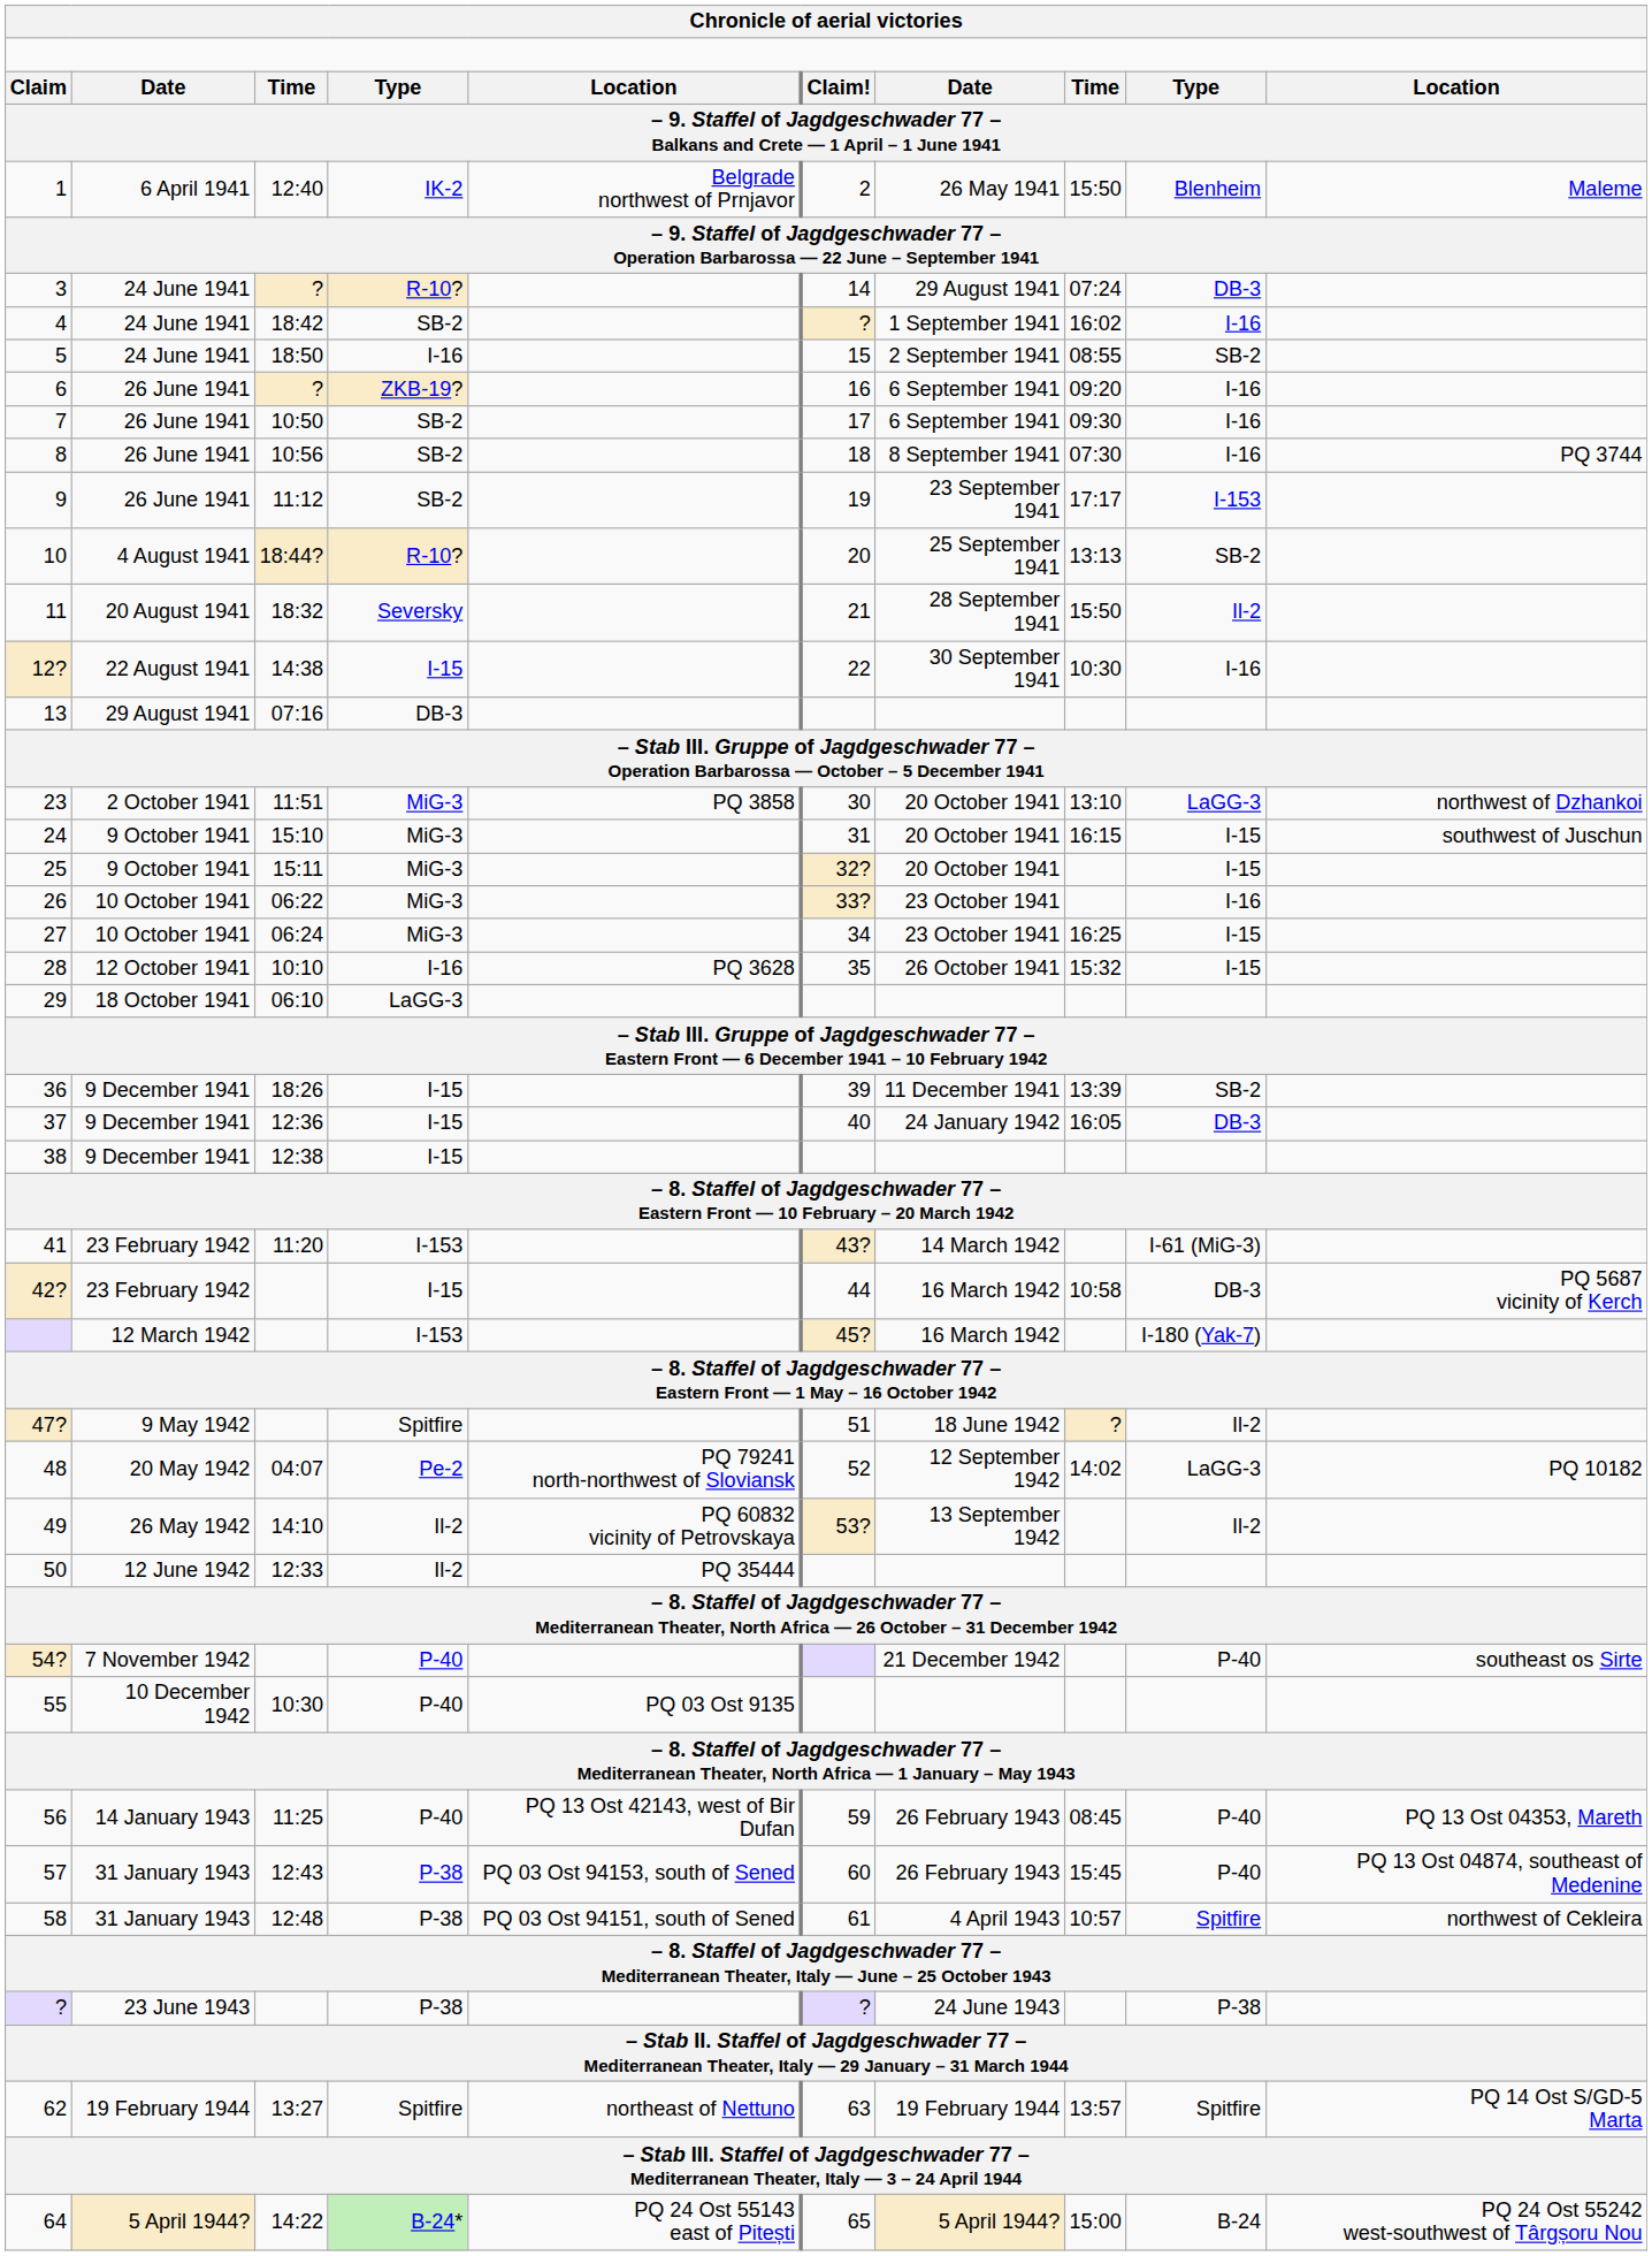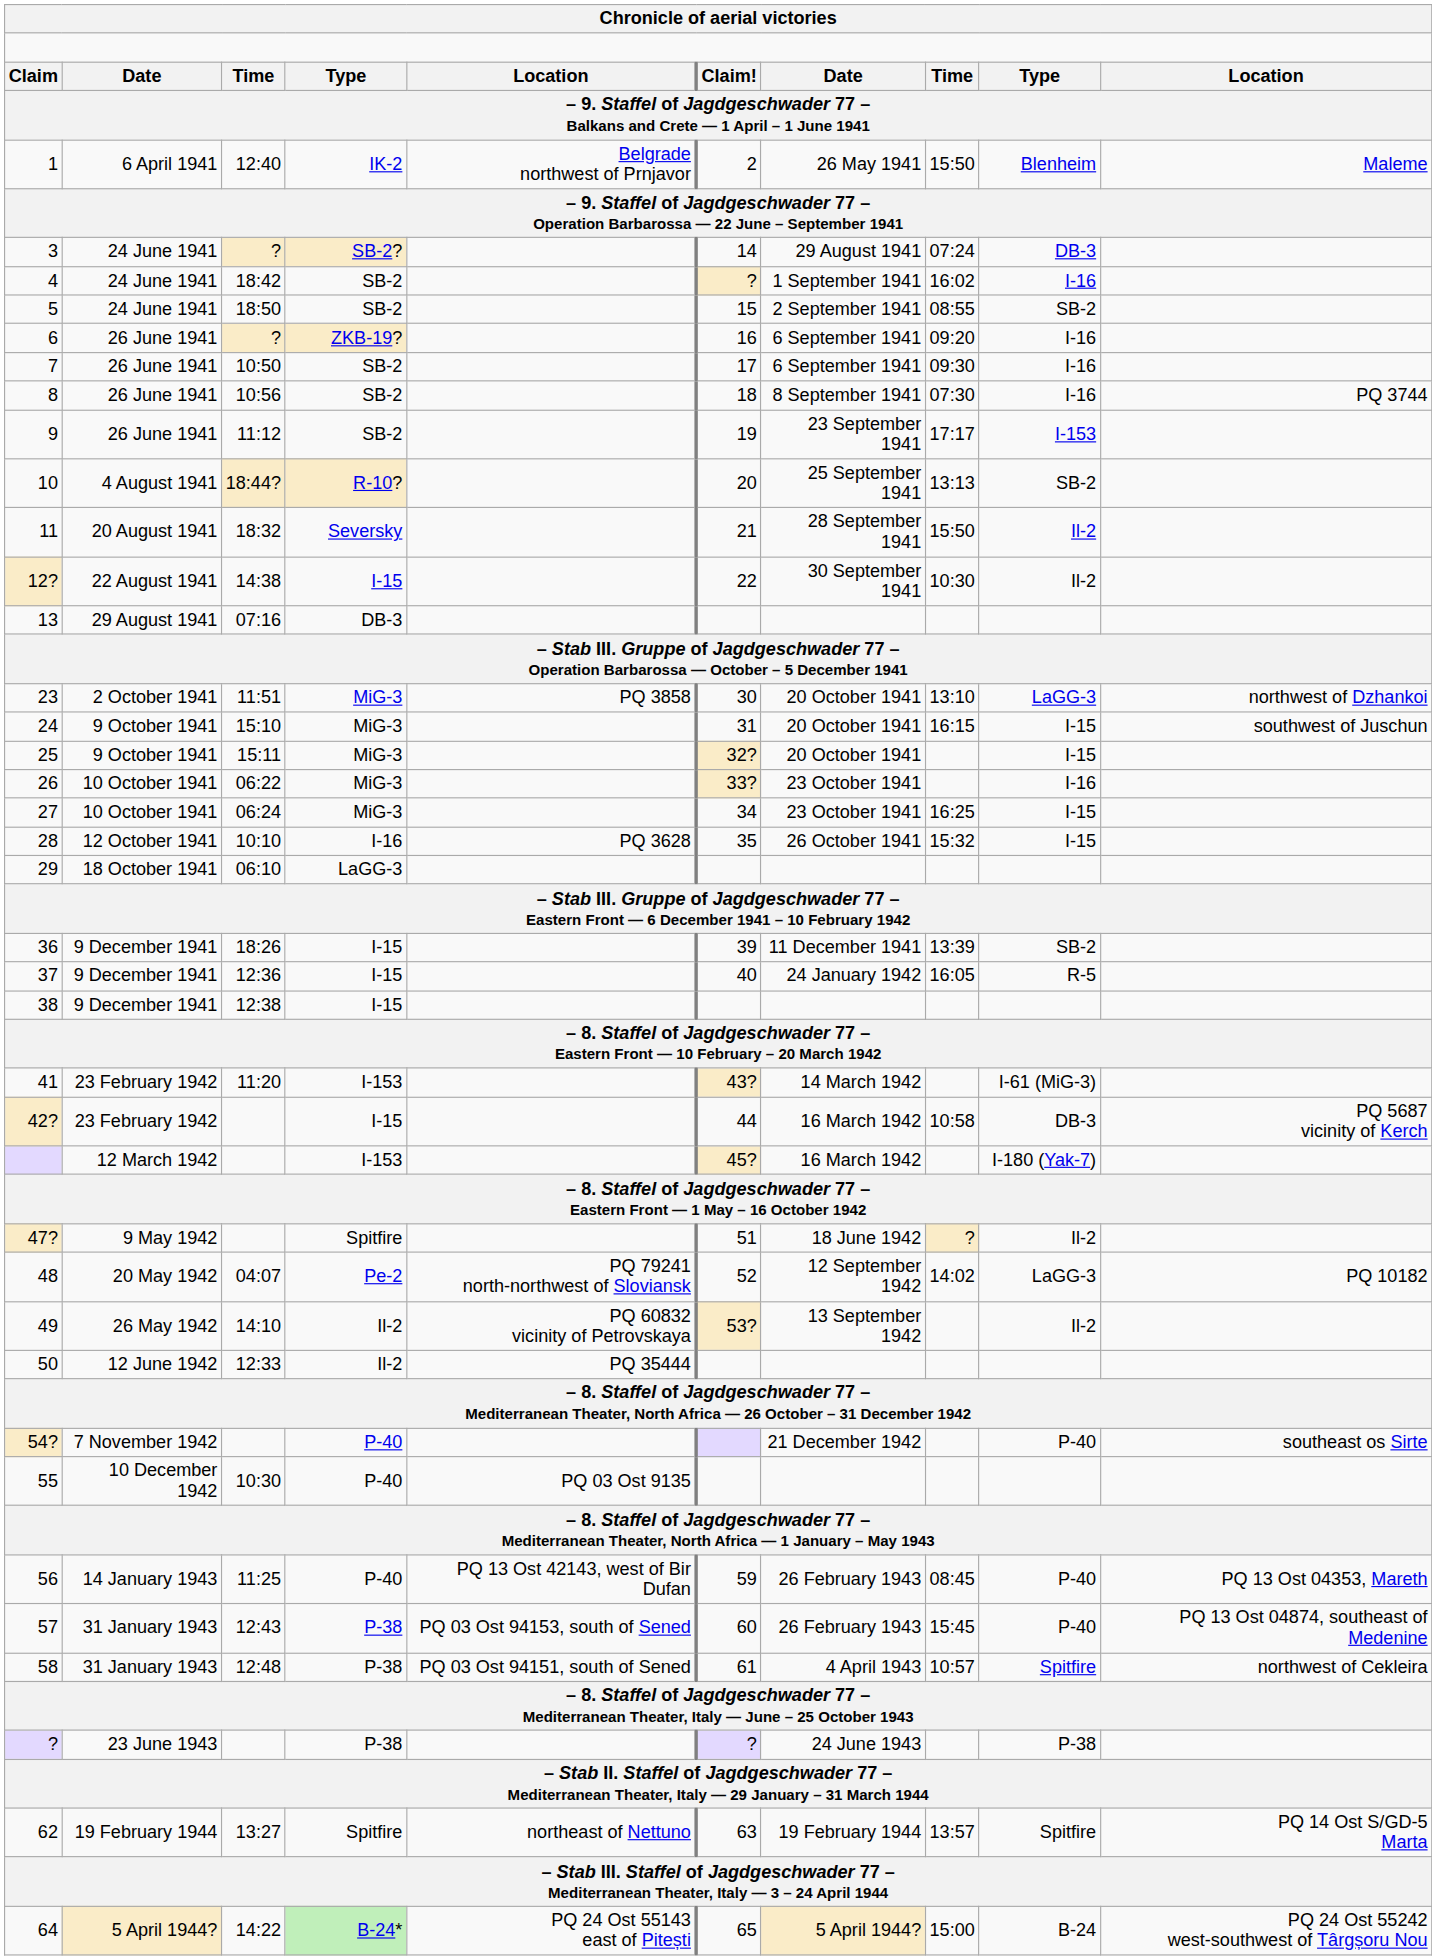 <table class="wikitable plainrowheaders collapsible" style="margin-left: auto; margin-right: auto; border: none; text-align:right; width: 100%;">
 <tr>
 <th colspan="10">Chronicle of aerial victories</th>
 </tr>
 <tr>
 <td colspan="10" style="text-align: left;"><br>  </td>
 </tr>
 <tr>
 <th scope="col">Claim</th>
 <th scope="col">Date</th>
 <th scope="col">Time</th>
 <th scope="col" width="100px">Type</th>
 <th scope="col">Location</th>
 <th scope="col" style="border-left: 3px solid grey;">Claim!</th>
 <th scope="col">Date</th>
 <th scope="col">Time</th>
 <th scope="col" width="100px">Type</th>
 <th scope="col">Location</th>
 </tr>
 <tr>
 <th colspan="10">– 9. <em>Staffel</em> of <em>Jagdgeschwader</em> 77 –<br><small>Balkans and Crete — 1 April – 1 June 1941</small></th>
 </tr>
 <tr>
 <td>1</td>
 <td>6 April 1941</td>
 <td>12:40</td>
 <td><a href='#'>IK-2</a></td>
 <td><a href='#'>Belgrade</a><br>northwest of Prnjavor</td>
 <td style="border-left: 3px solid grey;">2</td>
 <td>26 May 1941</td>
 <td>15:50</td>
 <td><a href='#'>Blenheim</a></td>
 <td><a href='#'>Maleme</a></td>
 </tr>
 <tr>
 <th colspan="12">– 9. <em>Staffel</em> of <em>Jagdgeschwader</em> 77 –<br><small>Operation Barbarossa — 22 June – September 1941</small></th>
 </tr>
 <tr>
 <td>3</td>
 <td>24 June 1941</td>
 <td style="background:#faecc8">?</td>
-<td style="background:#faecc8"><a href='#'>R-10</a>?</td>
+<td style="background:#faecc8"><a href='#'>SB-2</a>?</td>
 <td></td>
 <td style="border-left: 3px solid grey;">14</td>
 <td>29 August 1941</td>
 <td>07:24</td>
 <td><a href='#'>DB-3</a></td>
 <td></td>
 </tr>
 <tr>
 <td>4</td>
 <td>24 June 1941</td>
 <td>18:42</td>
 <td>SB-2</td>
 <td></td>
 <td style="border-left: 3px solid grey; background:#faecc8">?</td>
 <td>1 September 1941</td>
 <td>16:02</td>
 <td><a href='#'>I-16</a></td>
 <td></td>
 </tr>
 <tr>
 <td>5</td>
 <td>24 June 1941</td>
 <td>18:50</td>
-<td>I-16</td>
+<td>SB-2</td>
 <td></td>
 <td style="border-left: 3px solid grey;">15</td>
 <td>2 September 1941</td>
 <td>08:55</td>
 <td>SB-2</td>
 <td></td>
 </tr>
 <tr>
 <td>6</td>
 <td>26 June 1941</td>
 <td style="background:#faecc8">?</td>
 <td style="background:#faecc8"><a href='#'>ZKB-19</a>?</td>
 <td></td>
 <td style="border-left: 3px solid grey;">16</td>
 <td>6 September 1941</td>
 <td>09:20</td>
 <td>I-16</td>
 <td></td>
 </tr>
 <tr>
 <td>7</td>
 <td>26 June 1941</td>
 <td>10:50</td>
 <td>SB-2</td>
 <td></td>
 <td style="border-left: 3px solid grey;">17</td>
 <td>6 September 1941</td>
 <td>09:30</td>
 <td>I-16</td>
 <td></td>
 </tr>
 <tr>
 <td>8</td>
 <td>26 June 1941</td>
 <td>10:56</td>
 <td>SB-2</td>
 <td></td>
 <td style="border-left: 3px solid grey;">18</td>
 <td>8 September 1941</td>
 <td>07:30</td>
 <td>I-16</td>
 <td>PQ 3744</td>
 </tr>
 <tr>
 <td>9</td>
 <td>26 June 1941</td>
 <td>11:12</td>
 <td>SB-2</td>
 <td></td>
 <td style="border-left: 3px solid grey;">19</td>
 <td>23 September 1941</td>
 <td>17:17</td>
 <td><a href='#'>I-153</a></td>
 <td></td>
 </tr>
 <tr>
 <td>10</td>
 <td>4 August 1941</td>
 <td style="background:#faecc8">18:44?</td>
 <td style="background:#faecc8"><a href='#'>R-10</a>?</td>
 <td></td>
 <td style="border-left: 3px solid grey;">20</td>
 <td>25 September 1941</td>
 <td>13:13</td>
 <td>SB-2</td>
 <td></td>
 </tr>
 <tr>
 <td>11</td>
 <td>20 August 1941</td>
 <td>18:32</td>
 <td><a href='#'>Seversky</a></td>
 <td></td>
 <td style="border-left: 3px solid grey;">21</td>
 <td>28 September 1941</td>
 <td>15:50</td>
 <td><a href='#'>Il-2</a></td>
 <td></td>
 </tr>
 <tr>
 <td style="background:#faecc8">12?</td>
 <td>22 August 1941</td>
 <td>14:38</td>
 <td><a href='#'>I-15</a></td>
 <td></td>
 <td style="border-left: 3px solid grey;">22</td>
 <td>30 September 1941</td>
 <td>10:30</td>
-<td>I-16</td>
+<td>Il-2</td>
 <td></td>
 </tr>
 <tr>
 <td>13</td>
 <td>29 August 1941</td>
 <td>07:16</td>
 <td>DB-3</td>
 <td></td>
 <td style="border-left: 3px solid grey;"></td>
 <td></td>
 <td></td>
 <td></td>
 <td></td>
 </tr>
 <tr>
 <th colspan="10">– <em>Stab</em> III. <em>Gruppe</em> of <em>Jagdgeschwader</em> 77 –<br><small>Operation Barbarossa — October – 5 December 1941</small></th>
 </tr>
 <tr>
 <td>23</td>
 <td>2 October 1941</td>
 <td>11:51</td>
 <td><a href='#'>MiG-3</a></td>
 <td>PQ 3858</td>
 <td style="border-left: 3px solid grey;">30</td>
 <td>20 October 1941</td>
 <td>13:10</td>
 <td><a href='#'>LaGG-3</a></td>
 <td> northwest of <a href='#'>Dzhankoi</a></td>
 </tr>
 <tr>
 <td>24</td>
 <td>9 October 1941</td>
 <td>15:10</td>
 <td>MiG-3</td>
 <td></td>
 <td style="border-left: 3px solid grey;">31</td>
 <td>20 October 1941</td>
 <td>16:15</td>
 <td>I-15</td>
 <td> southwest of Juschun</td>
 </tr>
 <tr>
 <td>25</td>
 <td>9 October 1941</td>
 <td>15:11</td>
 <td>MiG-3</td>
 <td></td>
 <td style="border-left: 3px solid grey; background:#faecc8">32?</td>
 <td>20 October 1941</td>
 <td></td>
 <td>I-15</td>
 <td></td>
 </tr>
 <tr>
 <td>26</td>
 <td>10 October 1941</td>
 <td>06:22</td>
 <td>MiG-3</td>
 <td></td>
 <td style="border-left: 3px solid grey; background:#faecc8">33?</td>
 <td>23 October 1941</td>
 <td></td>
 <td>I-16</td>
 <td></td>
 </tr>
 <tr>
 <td>27</td>
 <td>10 October 1941</td>
 <td>06:24</td>
 <td>MiG-3</td>
 <td></td>
 <td style="border-left: 3px solid grey;">34</td>
 <td>23 October 1941</td>
 <td>16:25</td>
 <td>I-15</td>
 <td></td>
 </tr>
 <tr>
 <td>28</td>
 <td>12 October 1941</td>
 <td>10:10</td>
 <td>I-16</td>
 <td>PQ 3628</td>
 <td style="border-left: 3px solid grey;">35</td>
 <td>26 October 1941</td>
 <td>15:32</td>
 <td>I-15</td>
 <td></td>
 </tr>
 <tr>
 <td>29</td>
 <td>18 October 1941</td>
 <td>06:10</td>
 <td>LaGG-3</td>
 <td></td>
 <td style="border-left: 3px solid grey;"></td>
 <td></td>
 <td></td>
 <td></td>
 <td></td>
 </tr>
 <tr>
 <th colspan="10">– <em>Stab</em> III. <em>Gruppe</em> of <em>Jagdgeschwader</em> 77 –<br><small>Eastern Front — 6 December 1941 – 10 February 1942</small></th>
 </tr>
 <tr>
 <td>36</td>
 <td>9 December 1941</td>
 <td>18:26</td>
 <td>I-15</td>
 <td></td>
 <td style="border-left: 3px solid grey;">39</td>
 <td>11 December 1941</td>
 <td>13:39</td>
 <td>SB-2</td>
 <td></td>
 </tr>
 <tr>
 <td>37</td>
 <td>9 December 1941</td>
 <td>12:36</td>
 <td>I-15</td>
 <td></td>
 <td style="border-left: 3px solid grey;">40</td>
 <td>24 January 1942</td>
 <td>16:05</td>
-<td><a href='#'>DB-3</a></td>
+<td>R-5</td>
 <td></td>
 </tr>
 <tr>
 <td>38</td>
 <td>9 December 1941</td>
 <td>12:38</td>
 <td>I-15</td>
 <td></td>
 <td style="border-left: 3px solid grey;"></td>
 <td></td>
 <td></td>
 <td></td>
 <td></td>
 </tr>
 <tr>
 <th colspan="10">– 8. <em>Staffel</em> of <em>Jagdgeschwader</em> 77 –<br><small>Eastern Front — 10 February – 20 March 1942</small></th>
 </tr>
 <tr>
 <td>41</td>
 <td>23 February 1942</td>
 <td>11:20</td>
 <td>I-153</td>
 <td></td>
 <td style="border-left: 3px solid grey; background:#faecc8">43?</td>
 <td>14 March 1942</td>
 <td></td>
 <td>I-61 (MiG-3)</td>
 <td></td>
 </tr>
 <tr>
 <td style="background:#faecc8">42?</td>
 <td>23 February 1942</td>
 <td></td>
 <td>I-15</td>
 <td></td>
 <td style="border-left: 3px solid grey;">44</td>
 <td>16 March 1942</td>
 <td>10:58</td>
 <td>DB-3</td>
 <td>PQ 5687<br>vicinity of <a href='#'>Kerch</a></td>
 </tr>
 <tr>
 <td style="background:#e3d9ff;"></td>
 <td>12 March 1942</td>
 <td></td>
 <td>I-153</td>
 <td></td>
 <td style="border-left: 3px solid grey; background:#faecc8">45?</td>
 <td>16 March 1942</td>
 <td></td>
 <td>I-180 (<a href='#'>Yak-7</a>)</td>
 <td></td>
 </tr>
 <tr>
 <th colspan="10">– 8. <em>Staffel</em> of <em>Jagdgeschwader</em> 77 –<br><small>Eastern Front — 1 May – 16 October 1942</small></th>
 </tr>
 <tr>
 <td style="background:#faecc8">47?</td>
 <td>9 May 1942</td>
 <td></td>
 <td>Spitfire</td>
 <td></td>
 <td style="border-left: 3px solid grey;">51</td>
 <td>18 June 1942</td>
 <td style="background:#faecc8">?</td>
 <td>Il-2</td>
 <td></td>
 </tr>
 <tr>
 <td>48</td>
 <td>20 May 1942</td>
 <td>04:07</td>
 <td><a href='#'>Pe-2</a></td>
 <td>PQ 79241<br> north-northwest of <a href='#'>Sloviansk</a></td>
 <td style="border-left: 3px solid grey;">52</td>
 <td>12 September 1942</td>
 <td>14:02</td>
 <td>LaGG-3</td>
 <td>PQ 10182</td>
 </tr>
 <tr>
 <td>49</td>
 <td>26 May 1942</td>
 <td>14:10</td>
 <td>Il-2</td>
 <td>PQ 60832<br>vicinity of Petrovskaya</td>
 <td style="border-left: 3px solid grey; background:#faecc8">53?</td>
 <td>13 September 1942</td>
 <td></td>
 <td>Il-2</td>
 <td></td>
 </tr>
 <tr>
 <td>50</td>
 <td>12 June 1942</td>
 <td>12:33</td>
 <td>Il-2</td>
 <td>PQ 35444</td>
 <td style="border-left: 3px solid grey;"></td>
 <td></td>
 <td></td>
 <td></td>
 <td></td>
 </tr>
 <tr>
 <th colspan="10">– 8. <em>Staffel</em> of <em>Jagdgeschwader</em> 77 –<br><small>Mediterranean Theater, North Africa — 26 October – 31 December 1942</small></th>
 </tr>
 <tr>
 <td style="background:#faecc8">54?</td>
 <td>7 November 1942</td>
 <td></td>
 <td><a href='#'>P-40</a></td>
 <td></td>
 <td style="border-left: 3px solid grey; background:#e3d9ff;"></td>
 <td>21 December 1942</td>
 <td></td>
 <td>P-40</td>
 <td>southeast os <a href='#'>Sirte</a></td>
 </tr>
 <tr>
 <td>55</td>
 <td>10 December 1942</td>
 <td>10:30</td>
 <td>P-40</td>
 <td>PQ 03 Ost 9135</td>
 <td style="border-left: 3px solid grey;"></td>
 <td></td>
 <td></td>
 <td></td>
 <td></td>
 </tr>
 <tr>
 <th colspan="10">– 8. <em>Staffel</em> of <em>Jagdgeschwader</em> 77 –<br><small>Mediterranean Theater, North Africa — 1 January – May 1943</small></th>
 </tr>
 <tr>
 <td>56</td>
 <td>14 January 1943</td>
 <td>11:25</td>
 <td>P-40</td>
 <td>PQ 13 Ost 42143, west of Bir Dufan</td>
 <td style="border-left: 3px solid grey;">59</td>
 <td>26 February 1943</td>
 <td>08:45</td>
 <td>P-40</td>
 <td>PQ 13 Ost 04353, <a href='#'>Mareth</a></td>
 </tr>
 <tr>
 <td>57</td>
 <td>31 January 1943</td>
 <td>12:43</td>
 <td><a href='#'>P-38</a></td>
 <td>PQ 03 Ost 94153, south of <a href='#'>Sened</a></td>
 <td style="border-left: 3px solid grey;">60</td>
 <td>26 February 1943</td>
 <td>15:45</td>
 <td>P-40</td>
 <td>PQ 13 Ost 04874, southeast of <a href='#'>Medenine</a></td>
 </tr>
 <tr>
 <td>58</td>
 <td>31 January 1943</td>
 <td>12:48</td>
 <td>P-38</td>
 <td>PQ 03 Ost 94151, south of Sened</td>
 <td style="border-left: 3px solid grey;">61</td>
 <td>4 April 1943</td>
 <td>10:57</td>
 <td><a href='#'>Spitfire</a></td>
 <td> northwest of Cekleira</td>
 </tr>
 <tr>
 <th colspan="10">– 8. <em>Staffel</em> of <em>Jagdgeschwader</em> 77 –<br><small>Mediterranean Theater, Italy — June – 25 October 1943</small></th>
 </tr>
 <tr>
 <td style="background:#e3d9ff;">?</td>
 <td>23 June 1943</td>
 <td></td>
 <td>P-38</td>
 <td></td>
 <td style="border-left: 3px solid grey; background:#e3d9ff;">?</td>
 <td>24 June 1943</td>
 <td></td>
 <td>P-38</td>
 <td></td>
 </tr>
 <tr>
 <th colspan="10">– <em>Stab</em> II. <em>Staffel</em> of <em>Jagdgeschwader</em> 77 –<br><small>Mediterranean Theater, Italy — 29 January – 31 March 1944</small></th>
 </tr>
 <tr>
 <td>62</td>
 <td>19 February 1944</td>
 <td>13:27</td>
 <td>Spitfire</td>
 <td> northeast of <a href='#'>Nettuno</a></td>
 <td style="border-left: 3px solid grey;">63</td>
 <td>19 February 1944</td>
 <td>13:57</td>
 <td>Spitfire</td>
 <td>PQ 14 Ost S/GD-5<br><a href='#'>Marta</a></td>
 </tr>
 <tr>
 <th colspan="10">– <em>Stab</em> III. <em>Staffel</em> of <em>Jagdgeschwader</em> 77 –<br><small>Mediterranean Theater, Italy — 3 – 24 April 1944</small></th>
 </tr>
 <tr>
 <td>64</td>
 <td style="background:#faecc8">5 April 1944?</td>
 <td>14:22</td>
 <td style="background:#C0EFBA"><a href='#'>B-24</a>*</td>
 <td>PQ 24 Ost 55143<br> east of <a href='#'>Pitești</a></td>
 <td style="border-left: 3px solid grey;">65</td>
 <td style="background:#faecc8">5 April 1944?</td>
 <td>15:00</td>
 <td>B-24</td>
 <td>PQ 24 Ost 55242<br> west-southwest of <a href='#'>Târgșoru Nou</a></td>
 </tr>
 </table>
